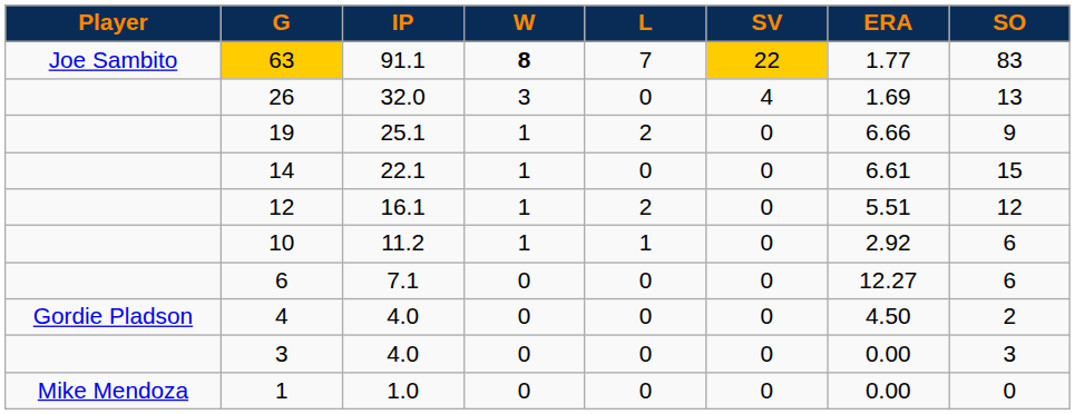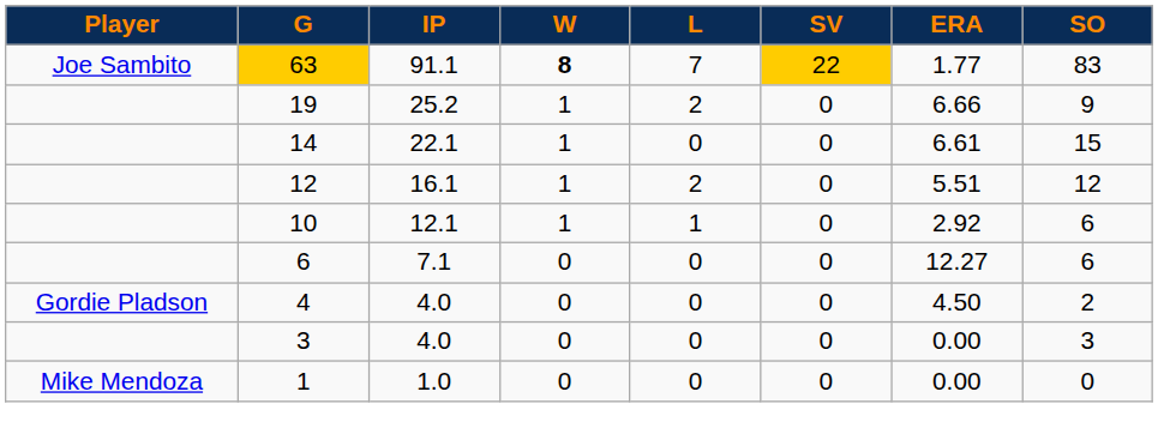 <table class="wikitable sortable">
 <tr>
 <th style="background:#092c57;color:#FF8800;" width="16%">Player</th>
 <th style="background:#092c57;color:#FF8800;" width="9%">G</th>
 <th style="background:#092c57;color:#FF8800;" width="9%">IP</th>
 <th style="background:#092c57;color:#FF8800;" width="9%">W</th>
 <th style="background:#092c57;color:#FF8800;" width="9%">L</th>
 <th style="background:#092c57;color:#FF8800;" width="9%">SV</th>
 <th style="background:#092c57;color:#FF8800;" width="9%">ERA</th>
 <th style="background:#092c57;color:#FF8800;" width="9%">SO</th>
 </tr>
 <tr align="center">
 <td><a href='#'>Joe Sambito</a></td>
 <td style="background:#fc0;">63</td>
 <td>91.1</td>
 <td><strong>8</strong></td>
 <td>7</td>
 <td style="background:#fc0;">22</td>
 <td>1.77</td>
 <td>83</td>
 </tr>
 <tr align="center">
 <td></td>
-<td>26</td>
-<td>32.0</td>
-<td>3</td>
-<td>0</td>
-<td>4</td>
-<td>1.69</td>
-<td>13</td>
-</tr>
-<tr align="center">
-<td></td>
 <td>19</td>
-<td>25.1</td>
+<td>25.2</td>
 <td>1</td>
 <td>2</td>
 <td>0</td>
 <td>6.66</td>
 <td>9</td>
 </tr>
 <tr align="center">
 <td></td>
 <td>14</td>
 <td>22.1</td>
 <td>1</td>
 <td>0</td>
 <td>0</td>
 <td>6.61</td>
 <td>15</td>
 </tr>
 <tr align="center">
 <td></td>
 <td>12</td>
 <td>16.1</td>
 <td>1</td>
 <td>2</td>
 <td>0</td>
 <td>5.51</td>
 <td>12</td>
 </tr>
 <tr align="center">
 <td></td>
 <td>10</td>
-<td>11.2</td>
+<td>12.1</td>
 <td>1</td>
 <td>1</td>
 <td>0</td>
 <td>2.92</td>
 <td>6</td>
 </tr>
 <tr align="center">
 <td></td>
 <td>6</td>
 <td>7.1</td>
 <td>0</td>
 <td>0</td>
 <td>0</td>
 <td>12.27</td>
 <td>6</td>
 </tr>
 <tr align="center">
 <td><a href='#'>Gordie Pladson</a></td>
 <td>4</td>
 <td>4.0</td>
 <td>0</td>
 <td>0</td>
 <td>0</td>
 <td>4.50</td>
 <td>2</td>
 </tr>
 <tr align="center">
 <td></td>
 <td>3</td>
 <td>4.0</td>
 <td>0</td>
 <td>0</td>
 <td>0</td>
 <td>0.00</td>
 <td>3</td>
 </tr>
 <tr align="center">
 <td><a href='#'>Mike Mendoza</a></td>
 <td>1</td>
 <td>1.0</td>
 <td>0</td>
 <td>0</td>
 <td>0</td>
 <td>0.00</td>
 <td>0</td>
 </tr>
 </table>
